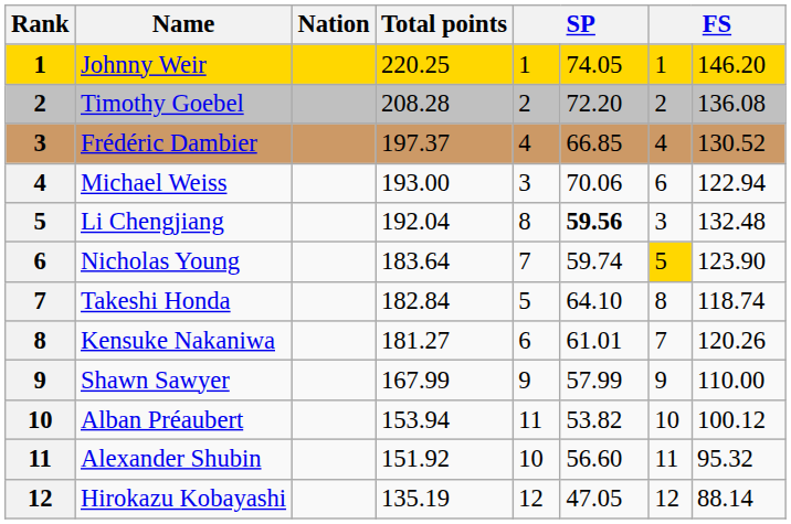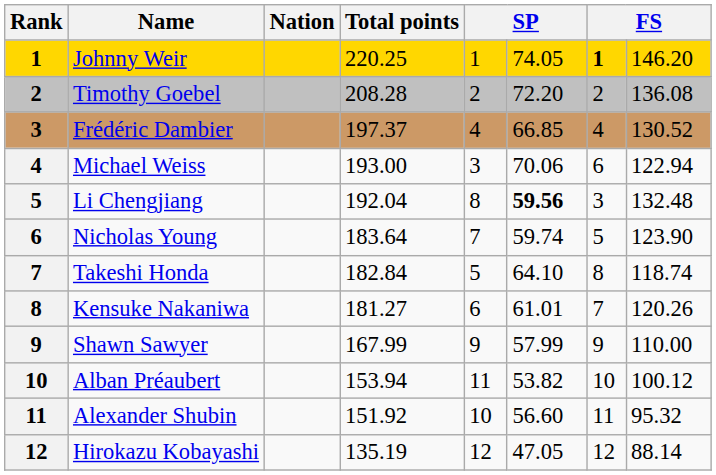 <table class="wikitable">
 <tr>
 <th>Rank</th>
 <th>Name</th>
 <th>Nation</th>
 <th>Total points</th>
 <th colspan="2" width="80px"><a href='#'>SP</a></th>
 <th colspan="2" width="80px"><a href='#'>FS</a></th>
 </tr>
 <tr bgcolor="gold">
 <td align="center"><strong>1</strong></td>
 <td><a href='#'>Johnny Weir</a></td>
 <td></td>
 <td>220.25</td>
 <td>1</td>
 <td>74.05</td>
-<td>1</td>
+<td><strong>1</strong></td>
 <td>146.20</td>
 </tr>
 <tr bgcolor="silver">
 <td align="center"><strong>2</strong></td>
 <td><a href='#'>Timothy Goebel</a></td>
 <td></td>
 <td>208.28</td>
 <td>2</td>
 <td>72.20</td>
 <td>2</td>
 <td>136.08</td>
 </tr>
 <tr bgcolor="cc9966">
 <td align="center"><strong>3</strong></td>
 <td><a href='#'>Frédéric Dambier</a></td>
 <td></td>
 <td>197.37</td>
 <td>4</td>
 <td>66.85</td>
 <td>4</td>
 <td>130.52</td>
 </tr>
 <tr>
 <th>4</th>
 <td><a href='#'>Michael Weiss</a></td>
 <td></td>
 <td>193.00</td>
 <td>3</td>
 <td>70.06</td>
 <td>6</td>
 <td>122.94</td>
 </tr>
 <tr>
 <th>5</th>
 <td><a href='#'>Li Chengjiang</a></td>
 <td></td>
 <td>192.04</td>
 <td>8</td>
 <td><strong>59.56</strong></td>
 <td>3</td>
 <td>132.48</td>
 </tr>
 <tr>
 <th>6</th>
 <td><a href='#'>Nicholas Young</a></td>
 <td></td>
 <td>183.64</td>
 <td>7</td>
 <td>59.74</td>
-<td style="background: gold;">5</td>
+<td>5</td>
 <td>123.90</td>
 </tr>
 <tr>
 <th>7</th>
 <td><a href='#'>Takeshi Honda</a></td>
 <td></td>
 <td>182.84</td>
 <td>5</td>
 <td>64.10</td>
 <td>8</td>
 <td>118.74</td>
 </tr>
 <tr>
 <th>8</th>
 <td><a href='#'>Kensuke Nakaniwa</a></td>
 <td></td>
 <td>181.27</td>
 <td>6</td>
 <td>61.01</td>
 <td>7</td>
 <td>120.26</td>
 </tr>
 <tr>
 <th>9</th>
 <td><a href='#'>Shawn Sawyer</a></td>
 <td></td>
 <td>167.99</td>
 <td>9</td>
 <td>57.99</td>
 <td>9</td>
 <td>110.00</td>
 </tr>
 <tr>
 <th>10</th>
 <td><a href='#'>Alban Préaubert</a></td>
 <td></td>
 <td>153.94</td>
 <td>11</td>
 <td>53.82</td>
 <td>10</td>
 <td>100.12</td>
 </tr>
 <tr>
 <th>11</th>
 <td><a href='#'>Alexander Shubin</a></td>
 <td></td>
 <td>151.92</td>
 <td>10</td>
 <td>56.60</td>
 <td>11</td>
 <td>95.32</td>
 </tr>
 <tr>
 <th>12</th>
 <td><a href='#'>Hirokazu Kobayashi</a></td>
 <td></td>
 <td>135.19</td>
 <td>12</td>
 <td>47.05</td>
 <td>12</td>
 <td>88.14</td>
 </tr>
 </table>
